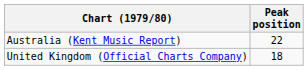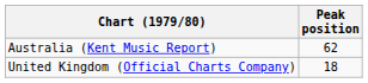 <table class="wikitable">
 <tr>
 <th scope="col">Chart (1979/80)</th>
 <th>Peak<br>position</th>
 </tr>
 <tr>
 <td>Australia (<a href='#'>Kent Music Report</a>)</td>
-<td style="text-align:center;">22</td>
+<td style="text-align:center;">62</td>
 </tr>
 <tr>
 <td>United Kingdom (<a href='#'>Official Charts Company</a>)</td>
 <td style="text-align:center;">18</td>
 </tr>
 </table>
